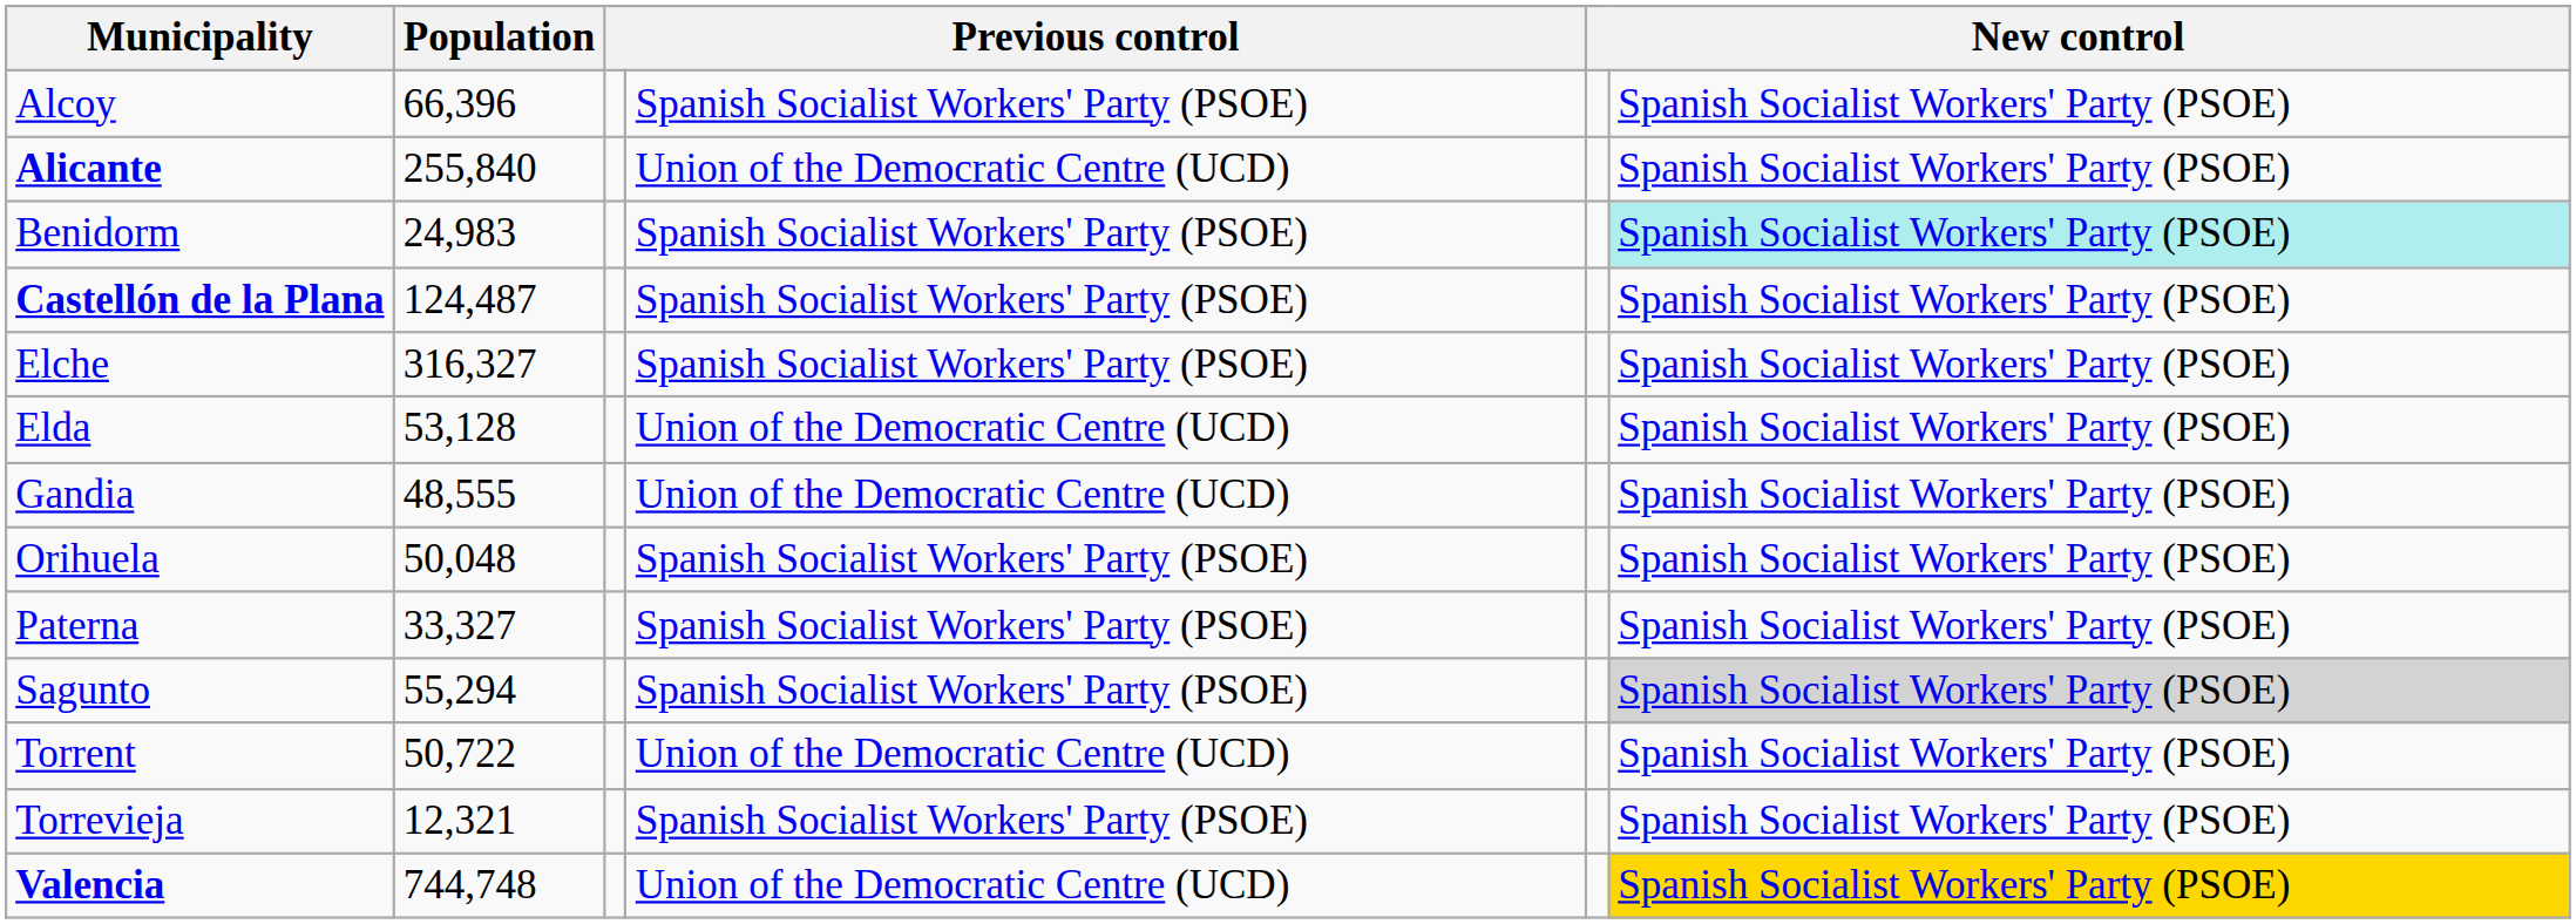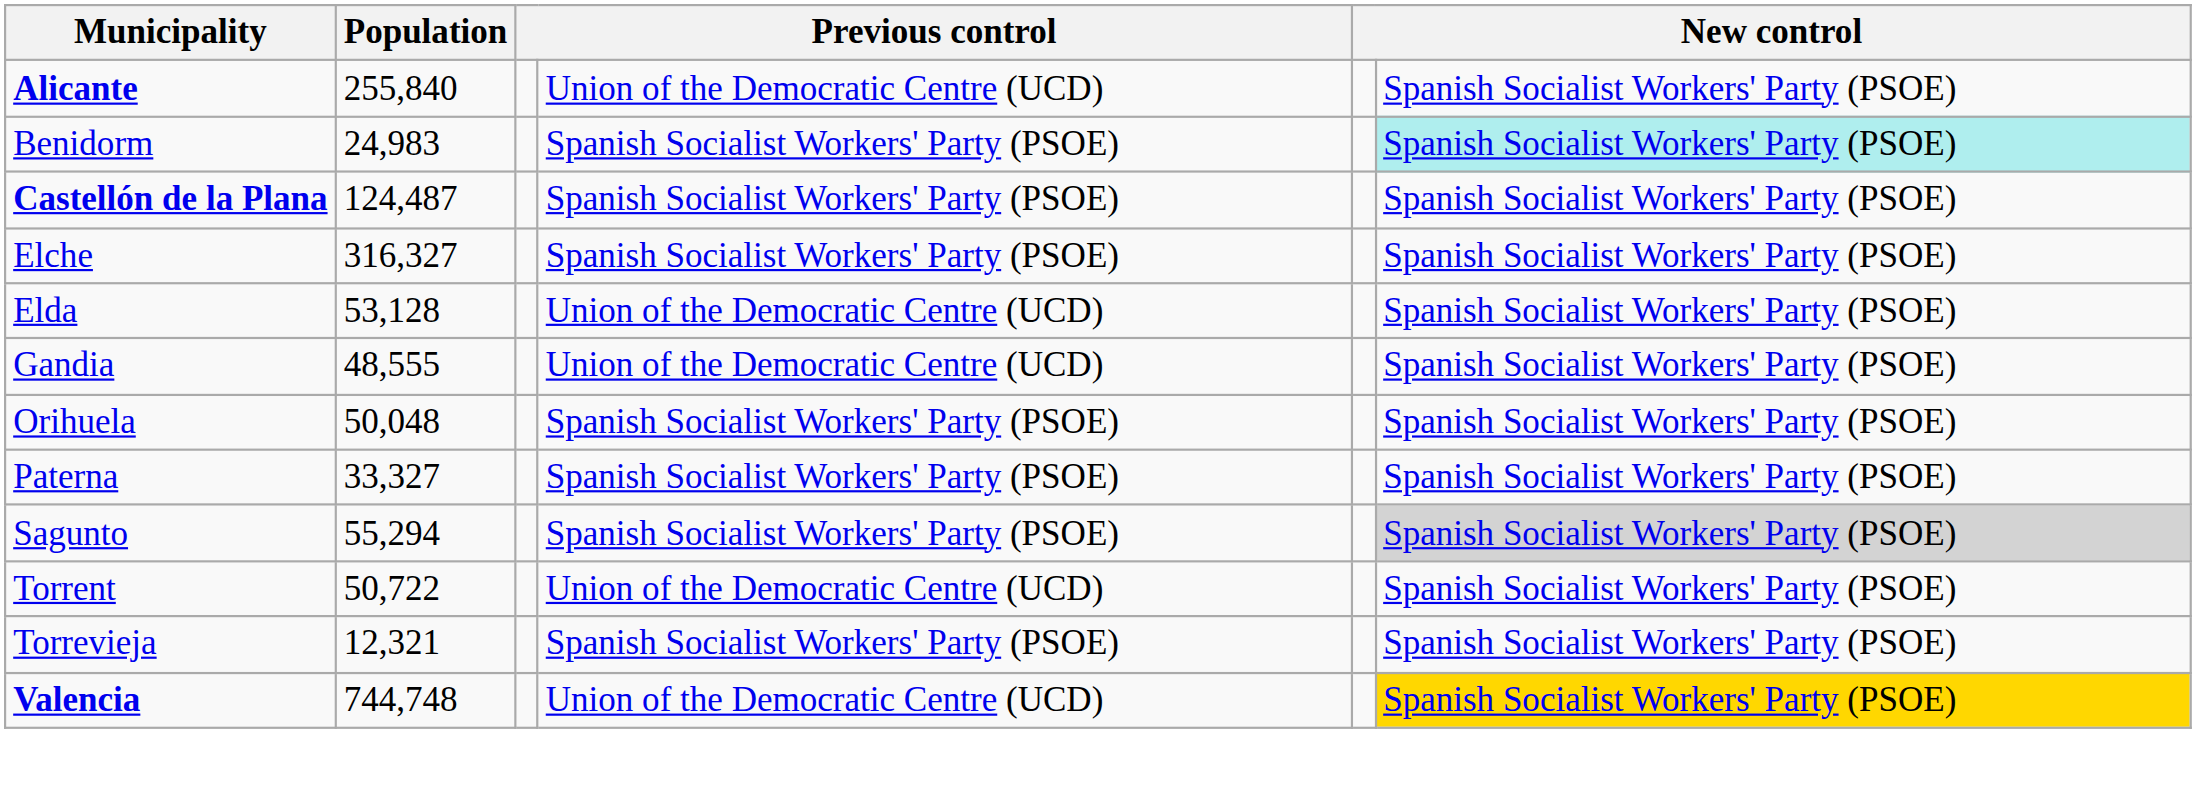 <table class="wikitable sortable">
 <tr>
 <th>Municipality</th>
 <th>Population</th>
 <th colspan="2" style="width:375px;">Previous control</th>
 <th colspan="2" style="width:375px;">New control</th>
-</tr>
-<tr>
-<td><a href='#'>Alcoy</a></td>
-<td>66,396</td>
-<td width="1" style="color:inherit;background:"></td>
-<td><a href='#'>Spanish Socialist Workers' Party</a> (PSOE)</td>
-<td width="1" style="color:inherit;background:"></td>
-<td><a href='#'>Spanish Socialist Workers' Party</a> (PSOE)</td>
 </tr>
 <tr>
 <td><strong><a href='#'>Alicante</a></strong></td>
 <td>255,840</td>
 <td style="color:inherit;background:"></td>
 <td><a href='#'>Union of the Democratic Centre</a> (UCD)</td>
 <td style="color:inherit;background:"></td>
 <td><a href='#'>Spanish Socialist Workers' Party</a> (PSOE)</td>
 </tr>
 <tr>
 <td><a href='#'>Benidorm</a></td>
 <td>24,983</td>
 <td style="color:inherit;background:"></td>
 <td><a href='#'>Spanish Socialist Workers' Party</a> (PSOE)</td>
 <td style="color:inherit;background:"></td>
 <td style="background: paleturquoise;"><a href='#'>Spanish Socialist Workers' Party</a> (PSOE)</td>
 </tr>
 <tr>
 <td><strong><a href='#'>Castellón de la Plana</a></strong></td>
 <td>124,487</td>
 <td style="color:inherit;background:"></td>
 <td><a href='#'>Spanish Socialist Workers' Party</a> (PSOE)</td>
 <td style="color:inherit;background:"></td>
 <td><a href='#'>Spanish Socialist Workers' Party</a> (PSOE)</td>
 </tr>
 <tr>
 <td><a href='#'>Elche</a></td>
 <td>316,327</td>
 <td style="color:inherit;background:"></td>
 <td><a href='#'>Spanish Socialist Workers' Party</a> (PSOE)</td>
 <td style="color:inherit;background:"></td>
 <td><a href='#'>Spanish Socialist Workers' Party</a> (PSOE)</td>
 </tr>
 <tr>
 <td><a href='#'>Elda</a></td>
 <td>53,128</td>
 <td style="color:inherit;background:"></td>
 <td><a href='#'>Union of the Democratic Centre</a> (UCD)</td>
 <td style="color:inherit;background:"></td>
 <td><a href='#'>Spanish Socialist Workers' Party</a> (PSOE)</td>
 </tr>
 <tr>
 <td><a href='#'>Gandia</a></td>
 <td>48,555</td>
 <td style="color:inherit;background:"></td>
 <td><a href='#'>Union of the Democratic Centre</a> (UCD)</td>
 <td style="color:inherit;background:"></td>
 <td><a href='#'>Spanish Socialist Workers' Party</a> (PSOE)</td>
 </tr>
 <tr>
 <td><a href='#'>Orihuela</a></td>
 <td>50,048</td>
 <td style="color:inherit;background:"></td>
 <td><a href='#'>Spanish Socialist Workers' Party</a> (PSOE)</td>
 <td style="color:inherit;background:"></td>
 <td><a href='#'>Spanish Socialist Workers' Party</a> (PSOE) </td>
 </tr>
 <tr>
 <td><a href='#'>Paterna</a></td>
 <td>33,327</td>
 <td style="color:inherit;background:"></td>
 <td><a href='#'>Spanish Socialist Workers' Party</a> (PSOE)</td>
 <td style="color:inherit;background:"></td>
 <td><a href='#'>Spanish Socialist Workers' Party</a> (PSOE)</td>
 </tr>
 <tr>
 <td><a href='#'>Sagunto</a></td>
 <td>55,294</td>
 <td style="color:inherit;background:"></td>
 <td><a href='#'>Spanish Socialist Workers' Party</a> (PSOE)</td>
 <td style="color:inherit;background:"></td>
 <td style="background: lightgrey;"><a href='#'>Spanish Socialist Workers' Party</a> (PSOE)</td>
 </tr>
 <tr>
 <td><a href='#'>Torrent</a></td>
 <td>50,722</td>
 <td style="color:inherit;background:"></td>
 <td><a href='#'>Union of the Democratic Centre</a> (UCD)</td>
 <td style="color:inherit;background:"></td>
 <td><a href='#'>Spanish Socialist Workers' Party</a> (PSOE)</td>
 </tr>
 <tr>
 <td><a href='#'>Torrevieja</a></td>
 <td>12,321</td>
 <td style="color:inherit;background:"></td>
 <td><a href='#'>Spanish Socialist Workers' Party</a> (PSOE)</td>
 <td style="color:inherit;background:"></td>
 <td><a href='#'>Spanish Socialist Workers' Party</a> (PSOE)</td>
 </tr>
 <tr>
 <td><strong><a href='#'>Valencia</a></strong></td>
 <td>744,748</td>
 <td style="color:inherit;background:"></td>
 <td><a href='#'>Union of the Democratic Centre</a> (UCD)</td>
 <td style="color:inherit;background:"></td>
 <td style="background: gold;"><a href='#'>Spanish Socialist Workers' Party</a> (PSOE)</td>
 </tr>
 </table>
